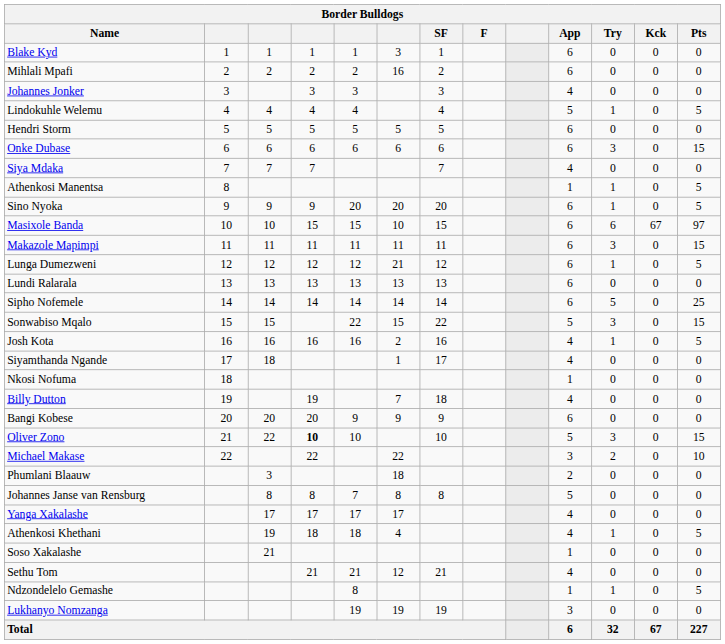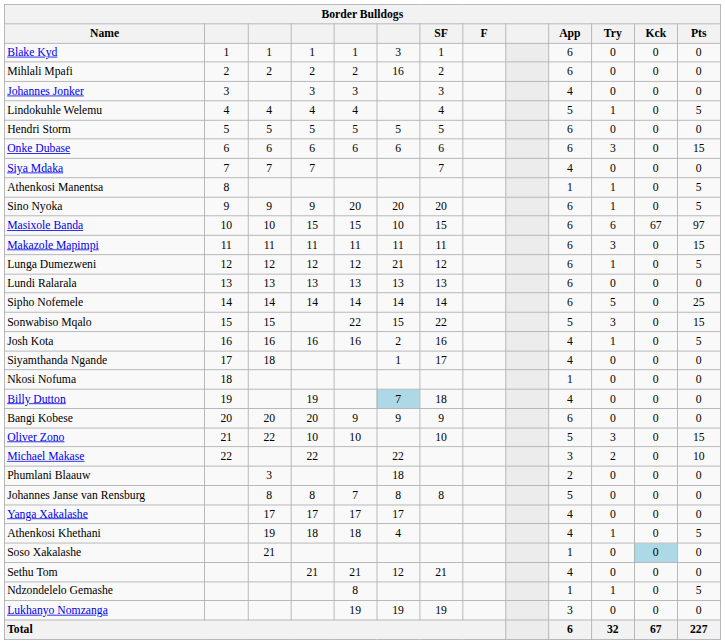 <table class="wikitable collapsible collapsed sortable" style="text-align:center; font-size:90%; width:70%">
 <tr>
 <th colspan="100%">Border Bulldogs</th>
 </tr>
 <tr>
 <th style="width:28%;">Name</th>
 <th style="width:6%;"></th>
 <th style="width:6%;"></th>
 <th style="width:6%;"></th>
 <th style="width:6%;"></th>
 <th style="width:6%;"></th>
 <th style="width:6%;">SF</th>
 <th style="width:6%;">F</th>
 <th style="width:6%;"></th>
 <th style="width:6%;">App</th>
 <th style="width:6%;">Try</th>
 <th style="width:6%;">Kck</th>
 <th style="width:6%;">Pts</th>
 </tr>
 <tr>
 <td style="text-align:left;"><a href='#'>Blake Kyd</a></td>
 <td>1</td>
 <td>1</td>
 <td>1</td>
 <td>1</td>
 <td>3</td>
 <td>1</td>
 <td></td>
 <td style="background:#ECECEC;"></td>
 <td>6</td>
 <td>0</td>
 <td>0</td>
 <td>0</td>
 </tr>
 <tr>
 <td style="text-align:left;">Mihlali Mpafi</td>
 <td>2</td>
 <td>2</td>
 <td>2</td>
 <td>2</td>
 <td>16 </td>
 <td>2</td>
 <td></td>
 <td style="background:#ECECEC;"></td>
 <td>6</td>
 <td>0</td>
 <td>0</td>
 <td>0</td>
 </tr>
 <tr>
 <td style="text-align:left;"><a href='#'>Johannes Jonker</a></td>
 <td>3</td>
 <td></td>
 <td>3</td>
 <td>3</td>
 <td></td>
 <td>3</td>
 <td></td>
 <td style="background:#ECECEC;"></td>
 <td>4</td>
 <td>0</td>
 <td>0</td>
 <td>0</td>
 </tr>
 <tr>
 <td style="text-align:left;">Lindokuhle Welemu</td>
 <td>4</td>
 <td>4</td>
 <td>4</td>
 <td>4</td>
 <td></td>
 <td>4</td>
 <td></td>
 <td style="background:#ECECEC;"></td>
 <td>5</td>
 <td>1</td>
 <td>0</td>
 <td>5</td>
 </tr>
 <tr>
 <td style="text-align:left;">Hendri Storm</td>
 <td>5</td>
 <td>5</td>
 <td>5</td>
 <td>5</td>
 <td>5</td>
 <td>5</td>
 <td></td>
 <td style="background:#ECECEC;"></td>
 <td>6</td>
 <td>0</td>
 <td>0</td>
 <td>0</td>
 </tr>
 <tr>
 <td style="text-align:left;"><a href='#'>Onke Dubase</a></td>
 <td>6</td>
 <td>6</td>
 <td>6</td>
 <td>6</td>
 <td>6</td>
 <td>6</td>
 <td></td>
 <td style="background:#ECECEC;"></td>
 <td>6</td>
 <td>3</td>
 <td>0</td>
 <td>15</td>
 </tr>
 <tr>
 <td style="text-align:left;"><a href='#'>Siya Mdaka</a></td>
 <td>7</td>
 <td>7</td>
 <td>7</td>
 <td></td>
 <td></td>
 <td>7</td>
 <td></td>
 <td style="background:#ECECEC;"></td>
 <td>4</td>
 <td>0</td>
 <td>0</td>
 <td>0</td>
 </tr>
 <tr>
 <td style="text-align:left;">Athenkosi Manentsa</td>
 <td>8</td>
 <td></td>
 <td></td>
 <td></td>
 <td></td>
 <td></td>
 <td></td>
 <td style="background:#ECECEC;"></td>
 <td>1</td>
 <td>1</td>
 <td>0</td>
 <td>5</td>
 </tr>
 <tr>
 <td style="text-align:left;">Sino Nyoka</td>
 <td>9</td>
 <td>9</td>
 <td>9</td>
 <td>20 </td>
 <td>20 </td>
 <td>20 </td>
 <td></td>
 <td style="background:#ECECEC;"></td>
 <td>6</td>
 <td>1</td>
 <td>0</td>
 <td>5</td>
 </tr>
 <tr>
 <td style="text-align:left;"><a href='#'>Masixole Banda</a></td>
 <td>10</td>
 <td>10</td>
 <td>15</td>
 <td>15</td>
 <td>10</td>
 <td>15</td>
 <td></td>
 <td style="background:#ECECEC;"></td>
 <td>6</td>
 <td>6</td>
 <td>67</td>
 <td>97</td>
 </tr>
 <tr>
 <td style="text-align:left;"><a href='#'>Makazole Mapimpi</a></td>
 <td>11</td>
 <td>11</td>
 <td>11</td>
 <td>11</td>
 <td>11</td>
 <td>11</td>
 <td></td>
 <td style="background:#ECECEC;"></td>
 <td>6</td>
 <td>3</td>
 <td>0</td>
 <td>15</td>
 </tr>
 <tr>
 <td style="text-align:left;">Lunga Dumezweni</td>
 <td>12</td>
 <td>12</td>
 <td>12</td>
 <td>12</td>
 <td>21 </td>
 <td>12</td>
 <td></td>
 <td style="background:#ECECEC;"></td>
 <td>6</td>
 <td>1</td>
 <td>0</td>
 <td>5</td>
 </tr>
 <tr>
 <td style="text-align:left;">Lundi Ralarala</td>
 <td>13</td>
 <td>13</td>
 <td>13</td>
 <td>13</td>
 <td>13</td>
 <td>13</td>
 <td></td>
 <td style="background:#ECECEC;"></td>
 <td>6</td>
 <td>0</td>
 <td>0</td>
 <td>0</td>
 </tr>
 <tr>
 <td style="text-align:left;">Sipho Nofemele</td>
 <td>14</td>
 <td>14</td>
 <td>14</td>
 <td>14</td>
 <td>14</td>
 <td>14</td>
 <td></td>
 <td style="background:#ECECEC;"></td>
 <td>6</td>
 <td>5</td>
 <td>0</td>
 <td>25</td>
 </tr>
 <tr>
 <td style="text-align:left;">Sonwabiso Mqalo</td>
 <td>15</td>
 <td>15</td>
 <td></td>
 <td>22 </td>
 <td>15</td>
 <td>22 </td>
 <td></td>
 <td style="background:#ECECEC;"></td>
 <td>5</td>
 <td>3</td>
 <td>0</td>
 <td>15</td>
 </tr>
 <tr>
 <td style="text-align:left;">Josh Kota</td>
 <td>16 </td>
 <td>16 </td>
 <td>16</td>
 <td>16 </td>
 <td>2</td>
 <td>16</td>
 <td></td>
 <td style="background:#ECECEC;"></td>
 <td>4</td>
 <td>1</td>
 <td>0</td>
 <td>5</td>
 </tr>
 <tr>
 <td style="text-align:left;">Siyamthanda Ngande</td>
 <td>17 </td>
 <td>18 </td>
 <td></td>
 <td></td>
 <td>1</td>
 <td>17 </td>
 <td></td>
 <td style="background:#ECECEC;"></td>
 <td>4</td>
 <td>0</td>
 <td>0</td>
 <td>0</td>
 </tr>
 <tr>
 <td style="text-align:left;">Nkosi Nofuma</td>
 <td>18 </td>
 <td></td>
 <td></td>
 <td></td>
 <td></td>
 <td></td>
 <td></td>
 <td style="background:#ECECEC;"></td>
 <td>1</td>
 <td>0</td>
 <td>0</td>
 <td>0</td>
 </tr>
 <tr>
 <td style="text-align:left;"><a href='#'>Billy Dutton</a></td>
 <td>19 </td>
 <td></td>
 <td>19 </td>
 <td></td>
-<td>7</td>
+<td style="background: lightblue;">7</td>
 <td>18 </td>
 <td></td>
 <td style="background:#ECECEC;"></td>
 <td>4</td>
 <td>0</td>
 <td>0</td>
 <td>0</td>
 </tr>
 <tr>
 <td style="text-align:left;">Bangi Kobese</td>
 <td>20 </td>
 <td>20 </td>
 <td>20 </td>
 <td>9</td>
 <td>9</td>
 <td>9</td>
 <td></td>
 <td style="background:#ECECEC;"></td>
 <td>6</td>
 <td>0</td>
 <td>0</td>
 <td>0</td>
 </tr>
 <tr>
 <td style="text-align:left;"><a href='#'>Oliver Zono</a></td>
 <td>21 </td>
 <td>22 </td>
-<td><strong>10</strong></td>
+<td>10</td>
 <td>10</td>
 <td></td>
 <td>10</td>
 <td></td>
 <td style="background:#ECECEC;"></td>
 <td>5</td>
 <td>3</td>
 <td>0</td>
 <td>15</td>
 </tr>
 <tr>
 <td style="text-align:left;"><a href='#'>Michael Makase</a></td>
 <td>22 </td>
 <td></td>
 <td>22 </td>
 <td></td>
 <td>22 </td>
 <td></td>
 <td></td>
 <td style="background:#ECECEC;"></td>
 <td>3</td>
 <td>2</td>
 <td>0</td>
 <td>10</td>
 </tr>
 <tr>
 <td style="text-align:left;">Phumlani Blaauw</td>
 <td></td>
 <td>3</td>
 <td></td>
 <td></td>
 <td>18 </td>
 <td></td>
 <td></td>
 <td style="background:#ECECEC;"></td>
 <td>2</td>
 <td>0</td>
 <td>0</td>
 <td>0</td>
 </tr>
 <tr>
 <td style="text-align:left;">Johannes Janse van Rensburg</td>
 <td></td>
 <td>8</td>
 <td>8</td>
 <td>7</td>
 <td>8</td>
 <td>8</td>
 <td></td>
 <td style="background:#ECECEC;"></td>
 <td>5</td>
 <td>0</td>
 <td>0</td>
 <td>0</td>
 </tr>
 <tr>
 <td style="text-align:left;"><a href='#'>Yanga Xakalashe</a></td>
 <td></td>
 <td>17 </td>
 <td>17 </td>
 <td>17 </td>
 <td>17 </td>
 <td></td>
 <td></td>
 <td style="background:#ECECEC;"></td>
 <td>4</td>
 <td>0</td>
 <td>0</td>
 <td>0</td>
 </tr>
 <tr>
 <td style="text-align:left;">Athenkosi Khethani</td>
 <td></td>
 <td>19 </td>
 <td>18 </td>
 <td>18 </td>
 <td>4</td>
 <td></td>
 <td></td>
 <td style="background:#ECECEC;"></td>
 <td>4</td>
 <td>1</td>
 <td>0</td>
 <td>5</td>
 </tr>
 <tr>
 <td style="text-align:left;">Soso Xakalashe</td>
 <td></td>
 <td>21 </td>
 <td></td>
 <td></td>
 <td></td>
 <td></td>
 <td></td>
 <td style="background:#ECECEC;"></td>
 <td>1</td>
 <td>0</td>
-<td>0</td>
+<td style="background: lightblue;">0</td>
 <td>0</td>
 </tr>
 <tr>
 <td style="text-align:left;">Sethu Tom</td>
 <td></td>
 <td></td>
 <td>21 </td>
 <td>21 </td>
 <td>12</td>
 <td>21 </td>
 <td></td>
 <td style="background:#ECECEC;"></td>
 <td>4</td>
 <td>0</td>
 <td>0</td>
 <td>0</td>
 </tr>
 <tr>
 <td style="text-align:left;">Ndzondelelo Gemashe</td>
 <td></td>
 <td></td>
 <td></td>
 <td>8</td>
 <td></td>
 <td></td>
 <td></td>
 <td style="background:#ECECEC;"></td>
 <td>1</td>
 <td>1</td>
 <td>0</td>
 <td>5</td>
 </tr>
 <tr>
 <td style="text-align:left;"><a href='#'>Lukhanyo Nomzanga</a></td>
 <td></td>
 <td></td>
 <td></td>
 <td>19 </td>
 <td>19 </td>
 <td>19 </td>
 <td></td>
 <td style="background:#ECECEC;"></td>
 <td>3</td>
 <td>0</td>
 <td>0</td>
 <td>0</td>
 </tr>
 <tr>
 <th colspan="8" style="text-align:left;">Total</th>
 <th style="background:#ECECEC;"></th>
 <th>6</th>
 <th>32</th>
 <th>67</th>
 <th>227</th>
 </tr>
 </table>
